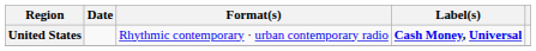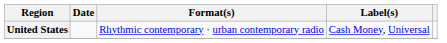 <table class="wikitable plainrowheaders" style="text-align:left">
 <tr>
 <th scope="col">Region</th>
 <th scope="col">Date</th>
 <th scope="col">Format(s)</th>
 <th scope="col">Label(s)</th>
 <th scope="col"></th>
 </tr>
 <tr>
 <th scope="row">United States</th>
 <td></td>
 <td><a href='#'>Rhythmic contemporary</a> · <a href='#'>urban contemporary radio</a></td>
-<td><strong><a href='#'>Cash Money</a>, <a href='#'>Universal</a></strong></td>
+<td><a href='#'>Cash Money</a>, <a href='#'>Universal</a></td>
 <td></td>
 </tr>
 <tr>
 </tr>
 </table>
